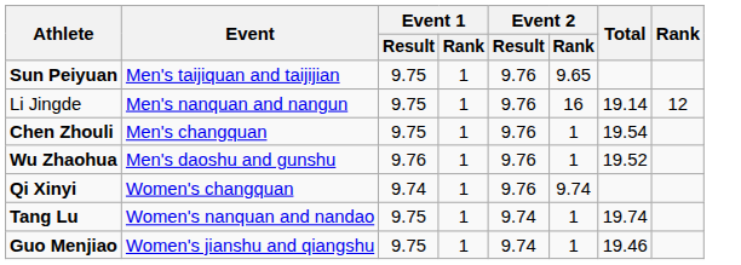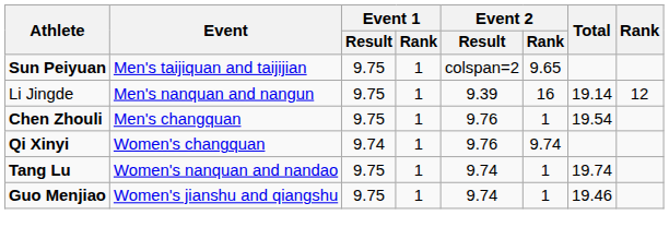 <table class=wikitable style=font-size:90%;text-align:center>
 <tr>
 <th rowspan="2">Athlete</th>
 <th rowspan="2">Event</th>
 <th colspan="2">Event 1</th>
 <th colspan="2">Event 2</th>
 <th rowspan="2">Total</th>
 <th rowspan="2">Rank</th>
 </tr>
 <tr style="font-size:95%">
 <th>Result</th>
 <th>Rank</th>
 <th>Result</th>
 <th>Rank</th>
 </tr>
 <tr>
 <td align=left><strong>Sun Peiyuan</strong></td>
 <td align=left><a href='#'>Men's taijiquan and taijijian</a></td>
 <td>9.75</td>
 <td>1</td>
-<td>9.76</td>
+<td>colspan=2 </td>
 <td>9.65</td>
 <td></td>
 </tr>
 <tr>
 <td align=left>Li Jingde</td>
 <td align=left><a href='#'>Men's nanquan and nangun</a></td>
 <td>9.75</td>
 <td>1</td>
-<td>9.76</td>
+<td>9.39</td>
 <td>16</td>
 <td>19.14</td>
 <td>12</td>
 </tr>
 <tr>
 <td align=left><strong>Chen Zhouli</strong></td>
 <td align=left><a href='#'>Men's changquan</a></td>
 <td>9.75</td>
 <td>1</td>
 <td>9.76</td>
 <td>1</td>
 <td>19.54</td>
-<td></td>
-</tr>
-<tr>
-<td align=left><strong>Wu Zhaohua</strong></td>
-<td align=left><a href='#'>Men's daoshu and gunshu</a></td>
-<td>9.76</td>
-<td>1</td>
-<td>9.76</td>
-<td>1</td>
-<td>19.52</td>
 <td></td>
 </tr>
 <tr>
 <td align=left><strong>Qi Xinyi</strong></td>
 <td align=left><a href='#'>Women's changquan</a></td>
 <td>9.74</td>
 <td>1</td>
 <td>9.76</td>
 <td>9.74</td>
 <td></td>
 </tr>
 <tr>
 <td align=left><strong>Tang Lu</strong></td>
 <td align=left><a href='#'>Women's nanquan and nandao</a></td>
 <td>9.75</td>
 <td>1</td>
 <td>9.74</td>
 <td>1</td>
 <td>19.74</td>
 <td></td>
 </tr>
 <tr>
 <td align=left><strong>Guo Menjiao</strong></td>
 <td align=left><a href='#'>Women's jianshu and qiangshu</a></td>
 <td>9.75</td>
 <td>1</td>
 <td>9.74</td>
 <td>1</td>
 <td>19.46</td>
 <td></td>
 </tr>
 </table>
